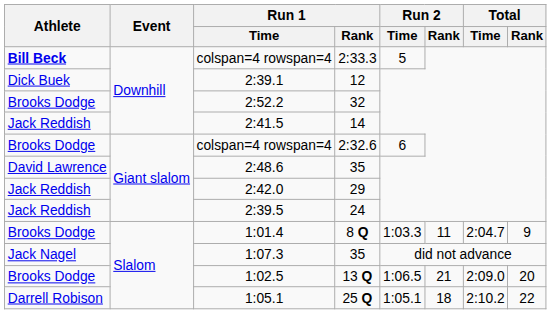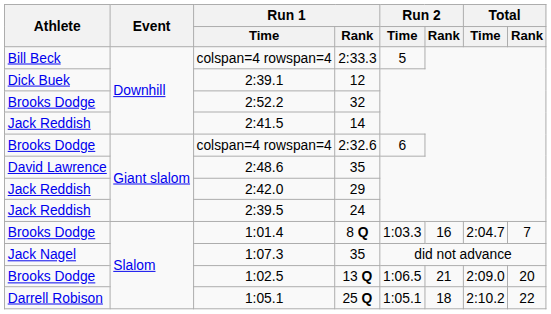 <table class=wikitable style=font-size:90%;text-align:center>
 <tr>
 <th rowspan=2>Athlete</th>
 <th rowspan=2>Event</th>
 <th colspan=2>Run 1</th>
 <th colspan=2>Run 2</th>
 <th colspan=2>Total</th>
 </tr>
 <tr style=font-size:95%>
 <th>Time</th>
 <th>Rank</th>
 <th>Time</th>
 <th>Rank</th>
 <th>Time</th>
 <th>Rank</th>
 </tr>
 <tr>
-<td align=left><strong><a href='#'>Bill Beck</a></strong></td>
+<td align=left><a href='#'>Bill Beck</a></td>
 <td align=left rowspan=4><a href='#'>Downhill</a></td>
 <td>colspan=4 rowspan=4 </td>
 <td>2:33.3</td>
 <td>5</td>
 </tr>
 <tr>
 <td align=left><a href='#'>Dick Buek</a></td>
 <td>2:39.1</td>
 <td>12</td>
 </tr>
 <tr>
 <td align=left><a href='#'>Brooks Dodge</a></td>
 <td>2:52.2</td>
 <td>32</td>
 </tr>
 <tr>
 <td align=left><a href='#'>Jack Reddish</a></td>
 <td>2:41.5</td>
 <td>14</td>
 </tr>
 <tr>
 <td align=left><a href='#'>Brooks Dodge</a></td>
 <td align=left rowspan=4><a href='#'>Giant slalom</a></td>
 <td>colspan=4 rowspan=4 </td>
 <td>2:32.6</td>
 <td>6</td>
 </tr>
 <tr>
 <td align=left><a href='#'>David Lawrence</a></td>
 <td>2:48.6</td>
 <td>35</td>
 </tr>
 <tr>
 <td align=left><a href='#'>Jack Reddish</a></td>
 <td>2:42.0</td>
 <td>29</td>
 </tr>
 <tr>
 <td align=left><a href='#'>Jack Reddish</a></td>
 <td>2:39.5</td>
 <td>24</td>
 </tr>
 <tr>
 <td align=left><a href='#'>Brooks Dodge</a></td>
 <td align=left rowspan=4><a href='#'>Slalom</a></td>
 <td>1:01.4</td>
 <td>8 <strong>Q</strong></td>
 <td>1:03.3</td>
-<td>11</td>
+<td>16</td>
 <td>2:04.7</td>
-<td>9</td>
+<td>7</td>
 </tr>
 <tr>
 <td align=left><a href='#'>Jack Nagel</a></td>
 <td>1:07.3</td>
 <td>35</td>
 <td colspan=4>did not advance</td>
 </tr>
 <tr>
 <td align=left><a href='#'>Brooks Dodge</a></td>
 <td>1:02.5</td>
 <td>13 <strong>Q</strong></td>
 <td>1:06.5</td>
 <td>21</td>
 <td>2:09.0</td>
 <td>20</td>
 </tr>
 <tr>
 <td align=left><a href='#'>Darrell Robison</a></td>
 <td>1:05.1</td>
 <td>25 <strong>Q</strong></td>
 <td>1:05.1</td>
 <td>18</td>
 <td>2:10.2</td>
 <td>22</td>
 </tr>
 </table>
